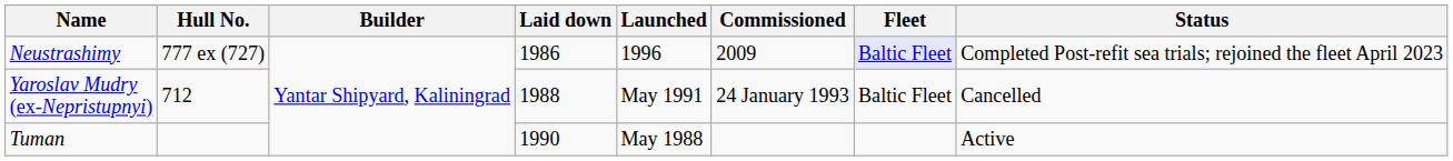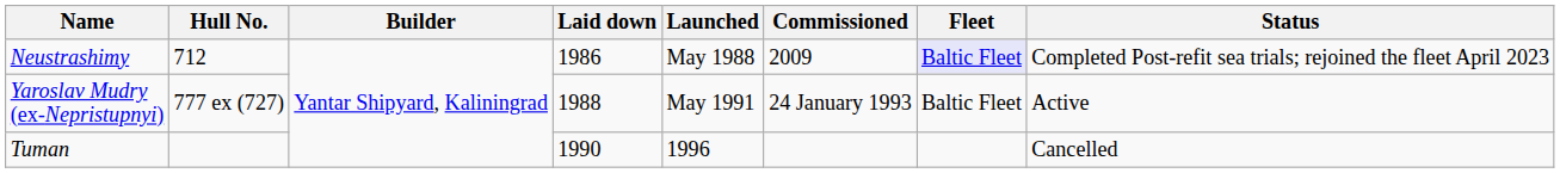 <table class="wikitable">
 <tr>
 <th>Name</th>
 <th>Hull No.</th>
 <th>Builder</th>
 <th>Laid down</th>
 <th>Launched</th>
 <th>Commissioned</th>
 <th>Fleet</th>
 <th>Status</th>
 </tr>
 <tr>
 <td><em><a href='#'>Neustrashimy</a></em></td>
-<td>777 ex (727)</td>
+<td>712</td>
 <td rowspan=3><a href='#'>Yantar Shipyard</a>, <a href='#'>Kaliningrad</a></td>
 <td>1986</td>
-<td>1996</td>
+<td>May 1988</td>
 <td>2009</td>
 <td style="background: lavender;"><a href='#'>Baltic Fleet</a></td>
 <td>Completed Post-refit sea trials; rejoined the fleet April 2023</td>
 </tr>
 <tr>
 <td><a href='#'><em>Yaroslav Mudry</em><br>(ex-<em>Nepristupnyi</em>)</a></td>
-<td>712</td>
+<td>777 ex (727)</td>
 <td>1988</td>
 <td>May 1991</td>
 <td>24 January 1993</td>
 <td>Baltic Fleet</td>
-<td>Cancelled</td>
+<td>Active</td>
 </tr>
 <tr>
 <td><em>Tuman</em></td>
 <td></td>
 <td>1990</td>
-<td>May 1988</td>
+<td>1996</td>
 <td></td>
 <td></td>
-<td>Active</td>
+<td>Cancelled</td>
 </tr>
 </table>
